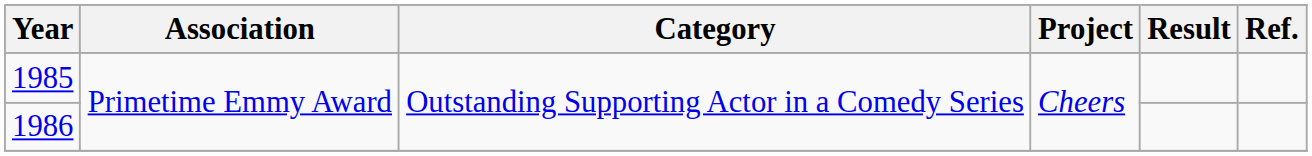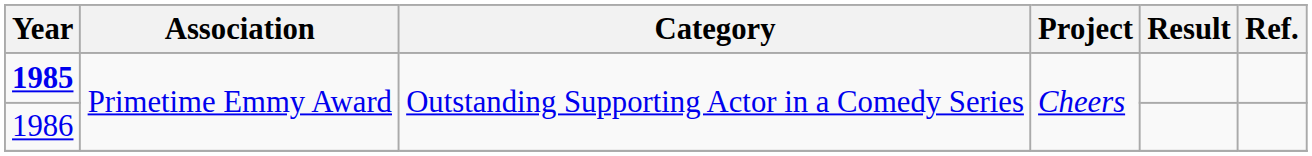 <table class="wikitable">
 <tr>
 <th>Year</th>
 <th>Association</th>
 <th>Category</th>
 <th>Project</th>
 <th>Result</th>
 <th>Ref.</th>
 </tr>
 <tr>
-<td><a href='#'>1985</a></td>
+<td><strong><a href='#'>1985</a></strong></td>
 <td rowspan=2><a href='#'>Primetime Emmy Award</a></td>
 <td rowspan=2><a href='#'>Outstanding Supporting Actor in a Comedy Series</a></td>
 <td rowspan=2><em><a href='#'>Cheers</a></em></td>
 <td></td>
 <td></td>
 </tr>
 <tr>
 <td><a href='#'>1986</a></td>
 <td></td>
 <td></td>
 </tr>
 <tr>
 </tr>
 </table>
